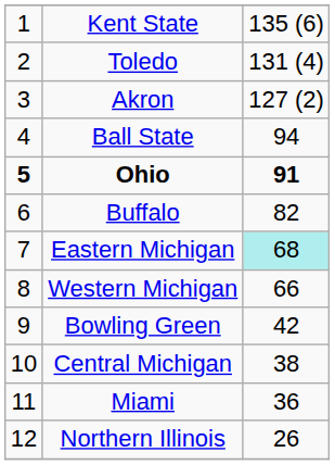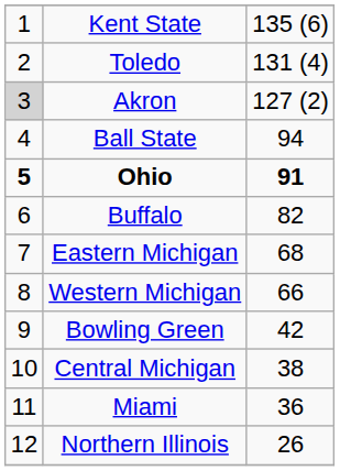 <table class="wikitable" border="1">
 <tr align=center>
 </tr>
 <tr align="center">
 <td>1</td>
 <td><a href='#'>Kent State</a></td>
 <td>135 (6)</td>
 </tr>
 <tr align="center">
 <td>2</td>
 <td><a href='#'>Toledo</a></td>
 <td>131 (4)</td>
 </tr>
 <tr align="center">
-<td>3</td>
+<td style="background: lightgrey;">3</td>
 <td><a href='#'>Akron</a></td>
 <td>127 (2)</td>
 </tr>
 <tr align="center">
 <td>4</td>
 <td><a href='#'>Ball State</a></td>
 <td>94</td>
 </tr>
 <tr align="center">
 <td><strong>5</strong></td>
 <td><strong>Ohio</strong></td>
 <td><strong>91</strong></td>
 </tr>
 <tr align="center">
 <td>6</td>
 <td><a href='#'>Buffalo</a></td>
 <td>82</td>
 </tr>
 <tr align="center">
 <td>7</td>
 <td><a href='#'>Eastern Michigan</a></td>
-<td style="background: paleturquoise;">68</td>
+<td>68</td>
 </tr>
 <tr align="center">
 <td>8</td>
 <td><a href='#'>Western Michigan</a></td>
 <td>66</td>
 </tr>
 <tr align="center">
 <td>9</td>
 <td><a href='#'>Bowling Green</a></td>
 <td>42</td>
 </tr>
 <tr align="center">
 <td>10</td>
 <td><a href='#'>Central Michigan</a></td>
 <td>38</td>
 </tr>
 <tr align="center">
 <td>11</td>
 <td><a href='#'>Miami</a></td>
 <td>36</td>
 </tr>
 <tr align="center">
 <td>12</td>
 <td><a href='#'>Northern Illinois</a></td>
 <td>26</td>
 </tr>
 <tr align="center">
 </tr>
 </table>
